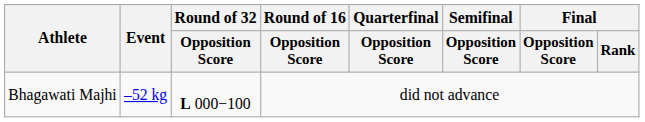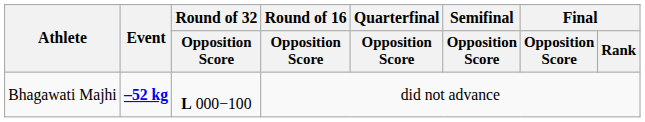 <table class=wikitable style=font-size:90%;text-align:center>
 <tr>
 <th rowspan=2>Athlete</th>
 <th rowspan=2>Event</th>
 <th>Round of 32</th>
 <th>Round of 16</th>
 <th>Quarterfinal</th>
 <th>Semifinal</th>
 <th colspan=2>Final</th>
 </tr>
 <tr style=font-size:95%>
 <th>Opposition<br>Score</th>
 <th>Opposition<br>Score</th>
 <th>Opposition<br>Score</th>
 <th>Opposition<br>Score</th>
 <th>Opposition<br>Score</th>
 <th>Rank</th>
 </tr>
 <tr>
 <td align=left>Bhagawati Majhi</td>
-<td align=left><a href='#'>–52 kg</a></td>
+<td align=left><strong><a href='#'>–52 kg</a></strong></td>
 <td><br><strong>L</strong> 000−100</td>
 <td colspan=5>did not advance</td>
 </tr>
 </table>
